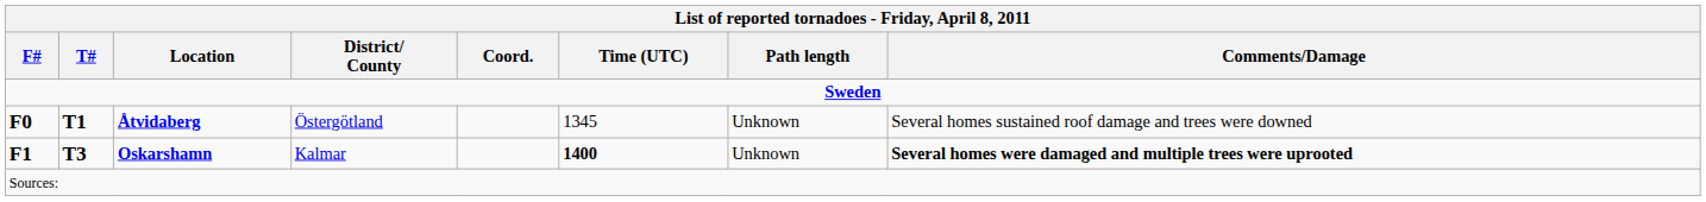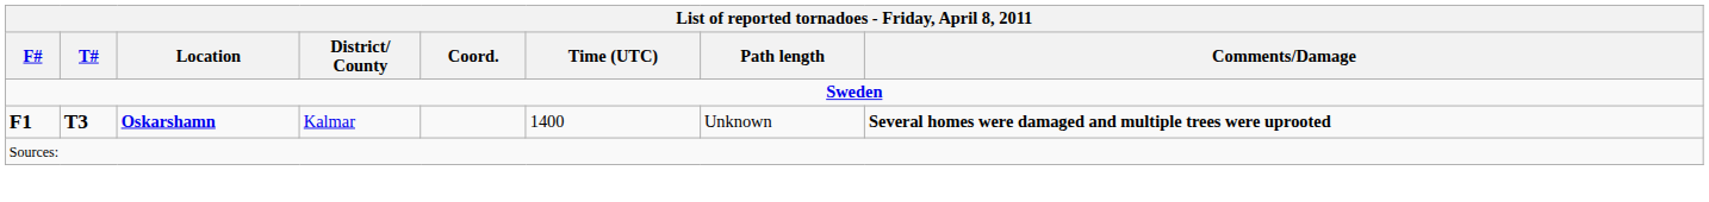 <table class="wikitable collapsible" width="100%">
 <tr>
 <th colspan="8">List of reported tornadoes - Friday, April 8, 2011</th>
 </tr>
 <tr>
 <th><a href='#'>F#</a></th>
 <th><a href='#'>T#</a></th>
 <th>Location</th>
 <th>District/<br>County</th>
 <th>Coord.</th>
 <th>Time (UTC)</th>
 <th>Path length</th>
 <th>Comments/Damage</th>
 </tr>
 <tr>
 <td colspan="8" align=center><strong><a href='#'>Sweden</a></strong></td>
 </tr>
 <tr>
-<td><big><strong>F0</strong></big></td>
-<td><big><strong>T1</strong></big></td>
-<td><strong><a href='#'>Åtvidaberg</a></strong></td>
-<td><a href='#'>Östergötland</a></td>
-<td></td>
-<td>1345</td>
-<td>Unknown</td>
-<td>Several homes sustained roof damage and trees were downed</td>
-</tr>
-<tr>
 <td><big><strong>F1</strong></big></td>
 <td><big><strong>T3</strong></big></td>
 <td><strong><a href='#'>Oskarshamn</a></strong></td>
 <td><a href='#'>Kalmar</a></td>
 <td></td>
-<td><strong>1400</strong></td>
+<td>1400</td>
 <td>Unknown</td>
 <td><strong>Several homes were damaged and multiple trees were uprooted</strong></td>
 </tr>
 <tr>
 <td colspan="8"><small>Sources:  </small></td>
 </tr>
 </table>
